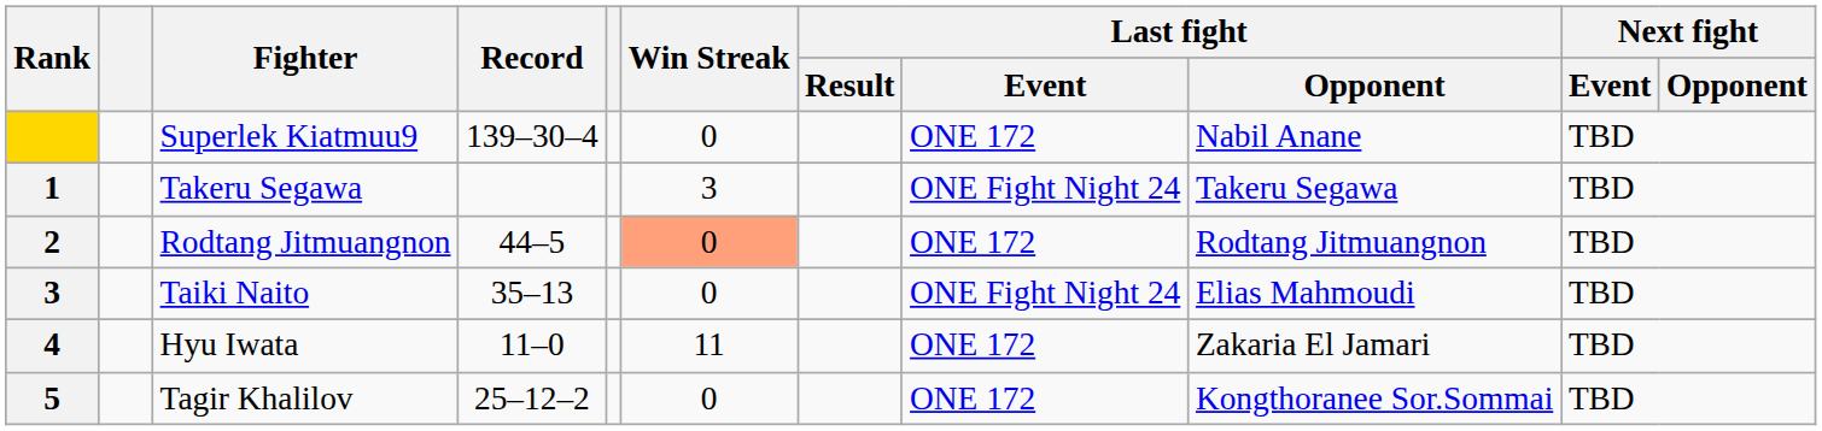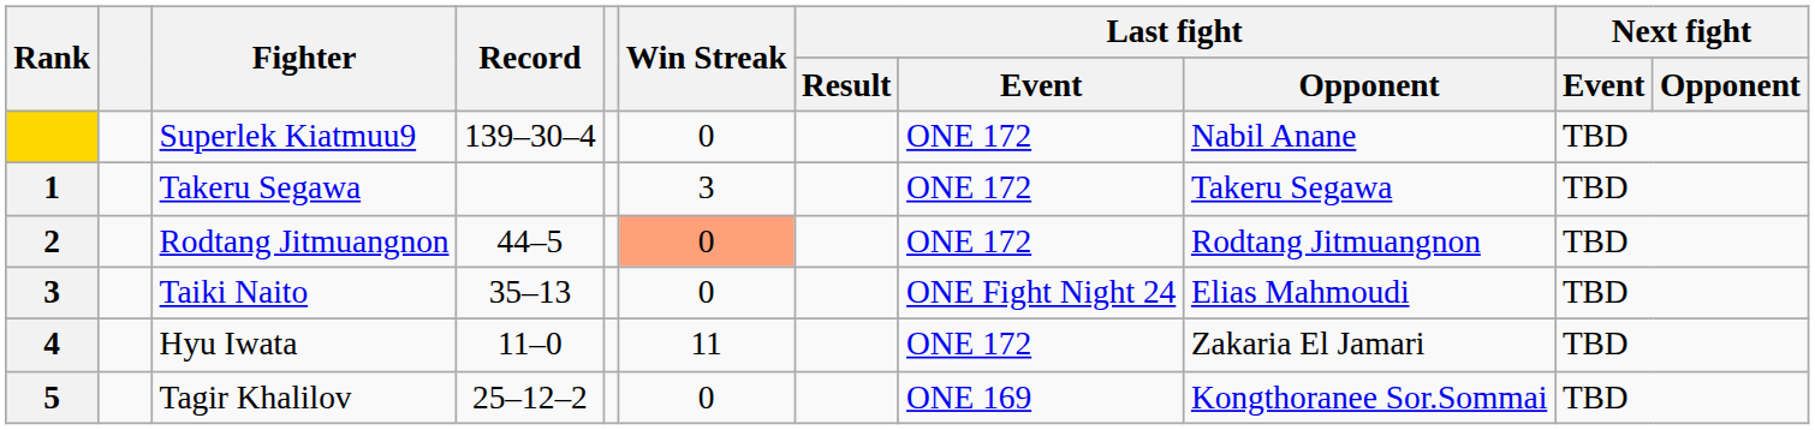 <table class="wikitable" style="display: inline-table;">
 <tr>
 <th rowspan=2>Rank</th>
 <th width=3% rowspan=2></th>
 <th rowspan=2>Fighter</th>
 <th rowspan=2>Record</th>
 <th rowspan=2></th>
 <th rowspan=2>Win Streak</th>
 <th colspan=3>Last fight</th>
 <th colspan=2>Next fight</th>
 </tr>
 <tr>
 <th>Result</th>
 <th>Event</th>
 <th>Opponent</th>
 <th>Event</th>
 <th>Opponent</th>
 </tr>
 <tr>
 <th style="background:gold"></th>
 <td></td>
 <td><a href='#'>Superlek Kiatmuu9</a></td>
 <td align="center">139–30–4</td>
 <td align="center"></td>
 <td align=center>0</td>
 <td></td>
 <td><a href='#'>ONE 172</a></td>
 <td><a href='#'>Nabil Anane</a></td>
 <td colspan="2">TBD</td>
 </tr>
 <tr>
 <th>1</th>
 <td></td>
 <td><a href='#'>Takeru Segawa</a></td>
 <td align="center"></td>
 <td align="center"></td>
 <td align=center>3</td>
 <td></td>
-<td><a href='#'>ONE Fight Night 24</a></td>
+<td><a href='#'>ONE 172</a></td>
 <td><a href='#'>Takeru Segawa</a></td>
 <td colspan="2">TBD</td>
 </tr>
 <tr>
 <th>2</th>
 <td></td>
 <td><a href='#'>Rodtang Jitmuangnon</a></td>
 <td align="center">44–5</td>
 <td align="center"></td>
 <td align=center style="background: lightsalmon;">0</td>
 <td></td>
 <td><a href='#'>ONE 172</a></td>
 <td><a href='#'>Rodtang Jitmuangnon</a></td>
 <td colspan="2">TBD</td>
 </tr>
 <tr>
 <th>3</th>
 <td></td>
 <td><a href='#'>Taiki Naito</a></td>
 <td align="center">35–13</td>
 <td align="center"></td>
 <td align=center>0</td>
 <td></td>
 <td><a href='#'>ONE Fight Night 24</a></td>
 <td><a href='#'>Elias Mahmoudi</a></td>
 <td colspan=2>TBD</td>
 </tr>
 <tr>
 <th>4</th>
 <td></td>
 <td>Hyu Iwata</td>
 <td align="center">11–0</td>
 <td align="center"></td>
 <td align=center>11</td>
 <td></td>
 <td><a href='#'>ONE 172</a></td>
 <td>Zakaria El Jamari</td>
 <td colspan=2>TBD</td>
 </tr>
 <tr>
 <th>5</th>
 <td></td>
 <td>Tagir Khalilov</td>
 <td align="center">25–12–2</td>
 <td align="center"></td>
 <td align=center>0</td>
 <td></td>
-<td><a href='#'>ONE 172</a></td>
+<td><a href='#'>ONE 169</a></td>
 <td><a href='#'>Kongthoranee Sor.Sommai</a></td>
 <td colspan=2>TBD</td>
 </tr>
 </table>
